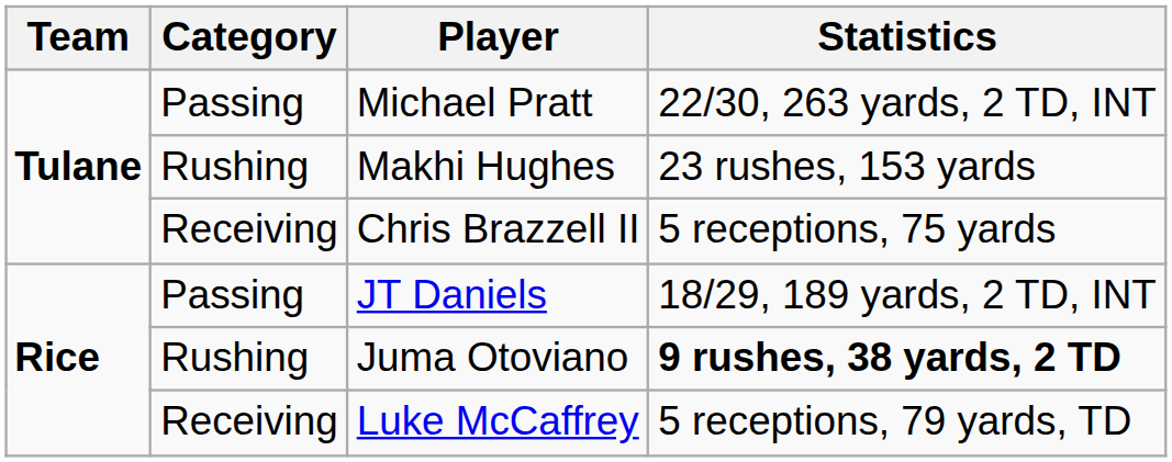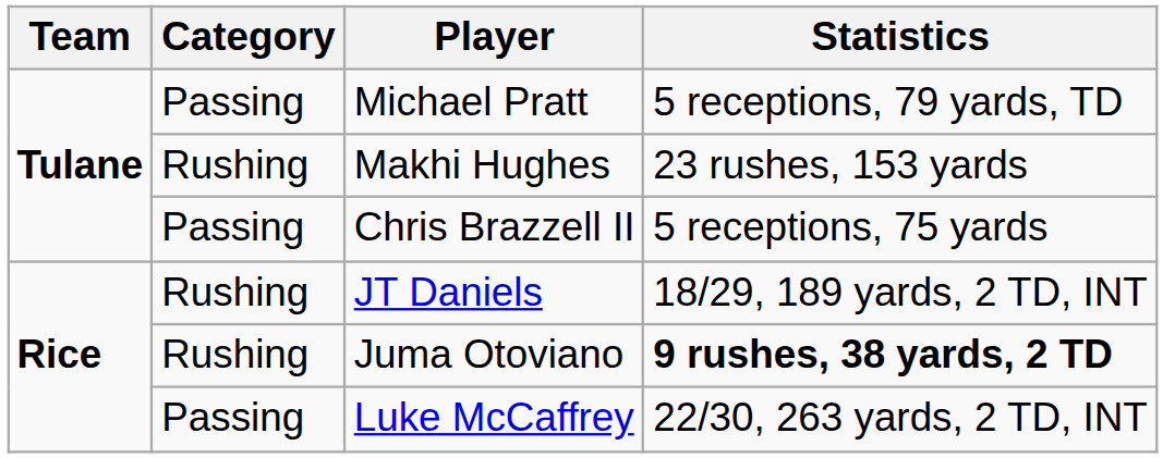 <table class="wikitable" style="float: right;">
 <tr>
 <th>Team</th>
 <th>Category</th>
 <th>Player</th>
 <th>Statistics</th>
 </tr>
 <tr>
 <td rowspan=3><strong>Tulane</strong></td>
 <td>Passing</td>
 <td>Michael Pratt</td>
-<td>22/30, 263 yards, 2 TD, INT</td>
+<td>5 receptions, 79 yards, TD</td>
 </tr>
 <tr>
 <td>Rushing</td>
 <td>Makhi Hughes</td>
 <td>23 rushes, 153 yards</td>
 </tr>
 <tr>
-<td>Receiving</td>
+<td>Passing</td>
 <td>Chris Brazzell II</td>
 <td>5 receptions, 75 yards</td>
 </tr>
 <tr>
 <td rowspan=3><strong>Rice</strong></td>
-<td>Passing</td>
+<td>Rushing</td>
 <td><a href='#'>JT Daniels</a></td>
 <td>18/29, 189 yards, 2 TD, INT</td>
 </tr>
 <tr>
 <td>Rushing</td>
 <td>Juma Otoviano</td>
 <td><strong>9 rushes, 38 yards, 2 TD</strong></td>
 </tr>
 <tr>
-<td>Receiving</td>
+<td>Passing</td>
 <td><a href='#'>Luke McCaffrey</a></td>
-<td>5 receptions, 79 yards, TD</td>
+<td>22/30, 263 yards, 2 TD, INT</td>
 </tr>
 </table>
